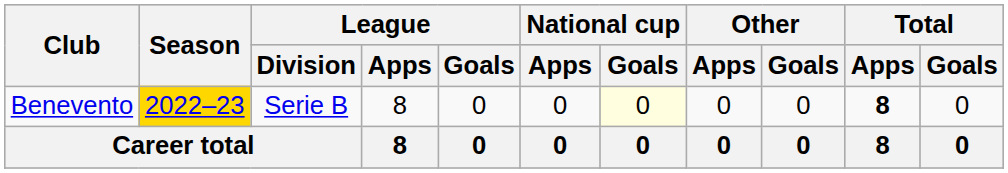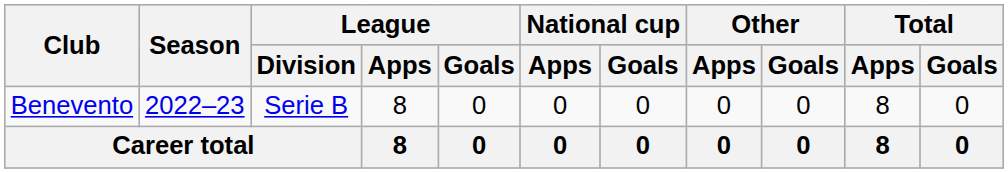 <table class="wikitable" style="text-align: center;">
 <tr>
 <th rowspan="2">Club</th>
 <th rowspan="2">Season</th>
 <th colspan="3">League</th>
 <th colspan="2">National cup</th>
 <th colspan="2">Other</th>
 <th colspan="2">Total</th>
 </tr>
 <tr>
 <th>Division</th>
 <th>Apps</th>
 <th>Goals</th>
 <th>Apps</th>
 <th>Goals</th>
 <th>Apps</th>
 <th>Goals</th>
 <th>Apps</th>
 <th>Goals</th>
 </tr>
 <tr>
 <td><a href='#'>Benevento</a></td>
-<td style="background: gold;"><a href='#'>2022–23</a></td>
+<td><a href='#'>2022–23</a></td>
 <td><a href='#'>Serie B</a></td>
 <td>8</td>
 <td>0</td>
 <td>0</td>
-<td style="background: lightyellow;">0</td>
 <td>0</td>
 <td>0</td>
-<td><strong>8</strong></td>
+<td>0</td>
+<td>8</td>
 <td>0</td>
 </tr>
 <tr>
 <th colspan="3">Career total</th>
 <th>8</th>
 <th>0</th>
 <th>0</th>
 <th>0</th>
 <th>0</th>
 <th>0</th>
 <th>8</th>
 <th>0</th>
 </tr>
 </table>
